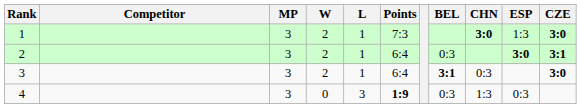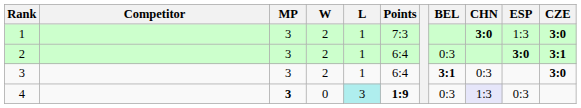 <table class="wikitable" style="text-align:center">
 <tr>
 <th>Rank</th>
 <th style="width:18em">Competitor</th>
 <th style="width:2.5em">MP</th>
 <th style="width:2.5em">W</th>
 <th style="width:2.5em">L</th>
 <th>Points</th>
 <th rowspan="5"> </th>
 <th style="width:2.5em">BEL</th>
 <th style="width:2.5em">CHN</th>
 <th style="width:2.5em">ESP</th>
 <th style="width:2.5em">CZE</th>
 </tr>
 <tr style="background:#cfc;">
 <td>1</td>
 <td style="text-align:left"></td>
 <td>3</td>
 <td>2</td>
 <td>1</td>
 <td>7:3</td>
 <td></td>
 <td><strong>3:0</strong></td>
 <td>1:3</td>
 <td><strong>3:0</strong></td>
 </tr>
 <tr style="background:#cfc;">
 <td>2</td>
 <td style="text-align:left"></td>
 <td>3</td>
 <td>2</td>
 <td>1</td>
 <td>6:4</td>
 <td>0:3</td>
 <td></td>
 <td><strong>3:0</strong></td>
 <td><strong>3:1</strong></td>
 </tr>
 <tr>
 <td>3</td>
 <td style="text-align:left"></td>
 <td>3</td>
 <td>2</td>
 <td>1</td>
 <td>6:4</td>
 <td><strong>3:1</strong></td>
 <td>0:3</td>
 <td></td>
 <td><strong>3:0</strong></td>
 </tr>
 <tr>
 <td>4</td>
 <td style="text-align:left"></td>
-<td>3</td>
+<td><strong>3</strong></td>
 <td>0</td>
-<td>3</td>
+<td style="background: paleturquoise;">3</td>
 <td><strong>1:9</strong></td>
 <td>0:3</td>
-<td>1:3</td>
+<td style="background: lavender;">1:3</td>
 <td>0:3</td>
 <td></td>
 </tr>
 </table>
